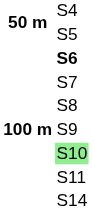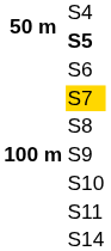 <table>
 <tr>
 <th rowspan="2">50 m</th>
 <td>S4 <br></td>
 <td></td>
 <td></td>
 <td></td>
 </tr>
 <tr>
-<td>S5 <br></td>
+<td><strong>S5 <br></strong></td>
 <td></td>
 <td></td>
 <td></td>
 </tr>
 <tr>
 <th rowspan="7">100 m</th>
-<td><strong>S6 <br></strong></td>
+<td>S6 <br></td>
 <td></td>
 <td></td>
 <td></td>
 </tr>
 <tr>
-<td>S7 <br></td>
+<td style="background: gold;">S7 <br></td>
 <td></td>
 <td></td>
 <td></td>
 </tr>
 <tr>
 <td>S8 <br></td>
 <td></td>
 <td></td>
 <td></td>
 </tr>
 <tr>
 <td>S9 <br></td>
 <td></td>
 <td></td>
 <td></td>
 </tr>
 <tr>
-<td style="background: lightgreen;">S10 <br></td>
+<td>S10 <br></td>
 <td></td>
 <td></td>
 <td></td>
 </tr>
 <tr>
 <td>S11 <br></td>
 <td></td>
 <td></td>
 <td></td>
 </tr>
 <tr>
 <td>S14 <br></td>
 <td></td>
 <td></td>
 <td></td>
 </tr>
 </table>
